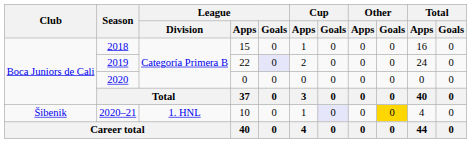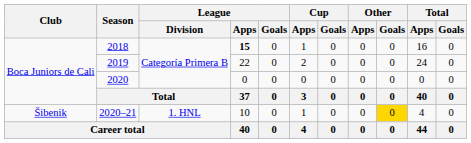 <table class="wikitable" style="text-align: center">
 <tr>
 <th rowspan="2">Club</th>
 <th rowspan="2">Season</th>
 <th colspan="3">League</th>
 <th colspan="2">Cup</th>
 <th colspan="2">Other</th>
 <th colspan="2">Total</th>
 </tr>
 <tr>
 <th>Division</th>
 <th>Apps</th>
 <th>Goals</th>
 <th>Apps</th>
 <th>Goals</th>
 <th>Apps</th>
 <th>Goals</th>
 <th>Apps</th>
 <th>Goals</th>
 </tr>
 <tr>
 <td rowspan="4"><a href='#'>Boca Juniors de Cali</a></td>
 <td><a href='#'>2018</a></td>
 <td rowspan="3"><a href='#'>Categoría Primera B</a></td>
-<td>15</td>
+<td><strong>15</strong></td>
 <td>0</td>
 <td>1</td>
 <td>0</td>
 <td>0</td>
 <td>0</td>
 <td>16</td>
 <td>0</td>
 </tr>
 <tr>
 <td><a href='#'>2019</a></td>
 <td>22</td>
-<td style="background: lavender;">0</td>
+<td>0</td>
 <td>2</td>
 <td>0</td>
 <td>0</td>
 <td>0</td>
 <td>24</td>
 <td>0</td>
 </tr>
 <tr>
 <td><a href='#'>2020</a></td>
 <td>0</td>
 <td>0</td>
 <td>0</td>
 <td>0</td>
 <td>0</td>
 <td>0</td>
 <td>0</td>
 <td>0</td>
 </tr>
 <tr>
 <th colspan="2"><strong>Total</strong></th>
 <th>37</th>
 <th>0</th>
 <th>3</th>
 <th>0</th>
 <th>0</th>
 <th>0</th>
 <th>40</th>
 <th>0</th>
 </tr>
 <tr>
 <td><a href='#'>Šibenik</a></td>
 <td><a href='#'>2020–21</a></td>
 <td><a href='#'>1. HNL</a></td>
 <td>10</td>
 <td>0</td>
 <td>1</td>
-<td style="background: lavender;">0</td>
+<td>0</td>
 <td>0</td>
 <td style="background: gold;">0</td>
 <td>4</td>
 <td>0</td>
 </tr>
 <tr>
 <th colspan="3"><strong>Career total</strong></th>
 <th>40</th>
 <th>0</th>
 <th>4</th>
 <th>0</th>
 <th>0</th>
 <th>0</th>
 <th>44</th>
 <th>0</th>
 </tr>
 </table>
